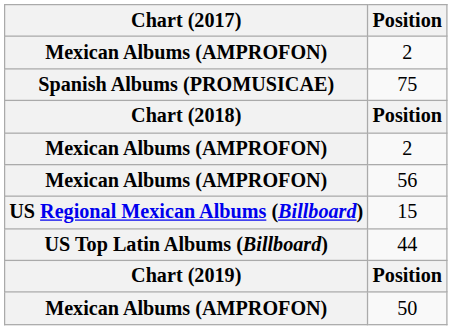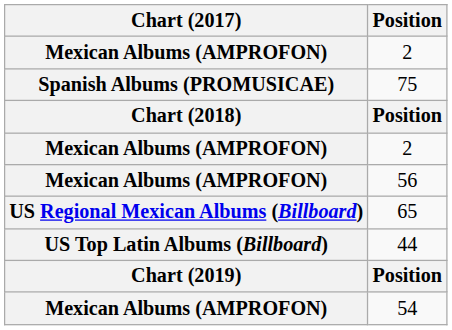 <table class="wikitable plainrowheaders" style="text-align:center">
 <tr>
 <th>Chart (2017)</th>
 <th>Position</th>
 </tr>
 <tr>
 <th scope="row">Mexican Albums (AMPROFON)</th>
 <td>2</td>
 </tr>
 <tr>
 <th scope="row">Spanish Albums (PROMUSICAE)</th>
 <td>75</td>
 </tr>
 <tr>
 <th>Chart (2018)</th>
 <th>Position</th>
 </tr>
 <tr>
 <th scope="row">Mexican Albums (AMPROFON)</th>
 <td>2</td>
 </tr>
 <tr>
 <th scope="row">Mexican Albums (AMPROFON)</th>
 <td>56</td>
 </tr>
 <tr>
 <th scope="row">US <a href='#'>Regional Mexican Albums</a> (<em><a href='#'>Billboard</a></em>)</th>
-<td>15</td>
+<td>65</td>
 </tr>
 <tr>
 <th scope="row">US Top Latin Albums (<em>Billboard</em>)</th>
 <td>44</td>
 </tr>
 <tr>
 <th>Chart (2019)</th>
 <th>Position</th>
 </tr>
 <tr>
 <th scope="row">Mexican Albums (AMPROFON)</th>
-<td>50</td>
+<td>54</td>
 </tr>
 </table>
